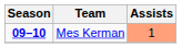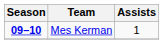 <table class="wikitable" style="text-align: center;">
 <tr>
 <th>Season</th>
 <th>Team</th>
 <th>Assists</th>
 </tr>
 <tr>
 <td><strong><a href='#'>09–10</a></strong></td>
 <td align="left"><a href='#'>Mes Kerman</a></td>
-<td style="background: lightsalmon;">1</td>
+<td>1</td>
 </tr>
 <tr>
 </tr>
 </table>
